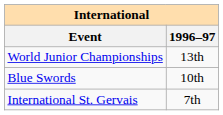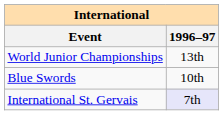 <table class="wikitable" style="text-align:center">
 <tr>
 <th style="background-color: #ffdead; " colspan=2 align=center>International</th>
 </tr>
 <tr>
 <th>Event</th>
 <th>1996–97</th>
 </tr>
 <tr>
 <td align=left><a href='#'>World Junior Championships</a></td>
 <td>13th</td>
 </tr>
 <tr>
 <td align=left><a href='#'>Blue Swords</a></td>
 <td>10th</td>
 </tr>
 <tr>
 <td align=left><a href='#'>International St. Gervais</a></td>
-<td>7th</td>
+<td style="background: lavender;">7th</td>
 </tr>
 </table>
